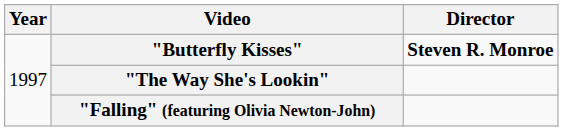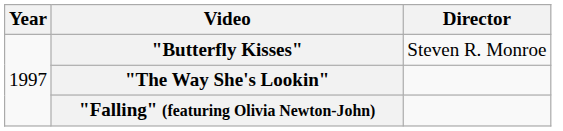 <table class="wikitable plainrowheaders">
 <tr>
 <th>Year</th>
 <th style="width:18em;">Video</th>
 <th>Director</th>
 </tr>
 <tr>
 <td rowspan="3">1997</td>
 <th scope="row">"Butterfly Kisses"</th>
-<td><strong>Steven R. Monroe</strong></td>
+<td>Steven R. Monroe</td>
 </tr>
 <tr>
 <th scope="row">"The Way She's Lookin"</th>
 <td></td>
 </tr>
 <tr>
 <th scope="row">"Falling" <small>(featuring Olivia Newton-John)</small></th>
 <td></td>
 </tr>
 </table>
